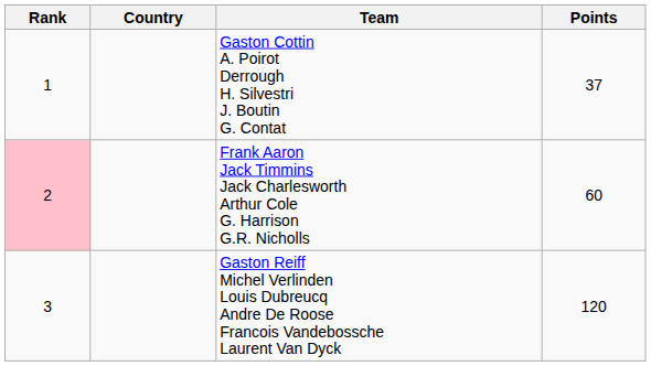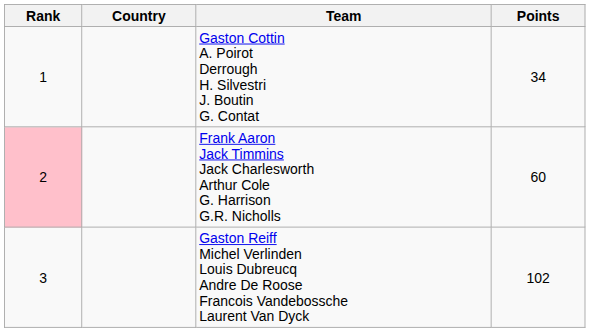 <table class="wikitable sortable" style=" text-align:center; font-size:95%;" width="50%">
 <tr>
 <th>Rank</th>
 <th>Country</th>
 <th>Team</th>
 <th>Points</th>
 </tr>
 <tr>
 <td align=center>1</td>
 <td align=left></td>
 <td align=left><a href='#'>Gaston Cottin</a><br>A. Poirot<br>Derrough<br>H. Silvestri<br>J. Boutin<br>G. Contat</td>
-<td>37</td>
+<td>34</td>
 </tr>
 <tr>
 <td align=center style="background: pink;">2</td>
 <td align=left></td>
 <td align=left><a href='#'>Frank Aaron</a><br><a href='#'>Jack Timmins</a><br>Jack Charlesworth<br>Arthur Cole<br>G. Harrison<br>G.R. Nicholls</td>
 <td>60</td>
 </tr>
 <tr>
 <td align=center>3</td>
 <td align=left></td>
 <td align=left><a href='#'>Gaston Reiff</a><br>Michel Verlinden<br>Louis Dubreucq<br>Andre De Roose<br>Francois Vandebossche<br>Laurent Van Dyck</td>
-<td>120</td>
+<td>102</td>
 </tr>
 </table>
